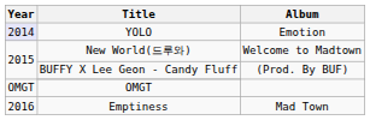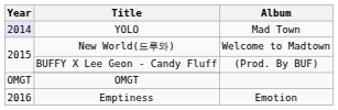 <table class="wikitable" style="text-align:center;">
 <tr>
 <th>Year</th>
 <th>Title</th>
 <th>Album</th>
 </tr>
 <tr>
 <td style="background: lavender;">2014</td>
 <td>YOLO</td>
-<td>Emotion</td>
+<td>Mad Town</td>
 </tr>
 <tr>
 <td rowspan="3">2015</td>
 <td>New World(드루와)</td>
 <td>Welcome to Madtown</td>
 </tr>
 <tr>
 <td>BUFFY X Lee Geon - Candy Fluff</td>
 <td>(Prod. By BUF)</td>
 </tr>
 <tr>
 </tr>
 <tr>
 <td>OMGT</td>
 <td>OMGT</td>
 </tr>
 <tr>
 <td>2016</td>
 <td>Emptiness</td>
-<td>Mad Town</td>
+<td>Emotion</td>
 </tr>
 </table>
